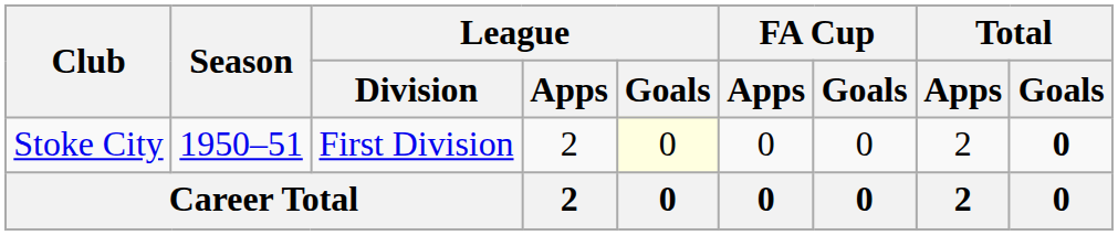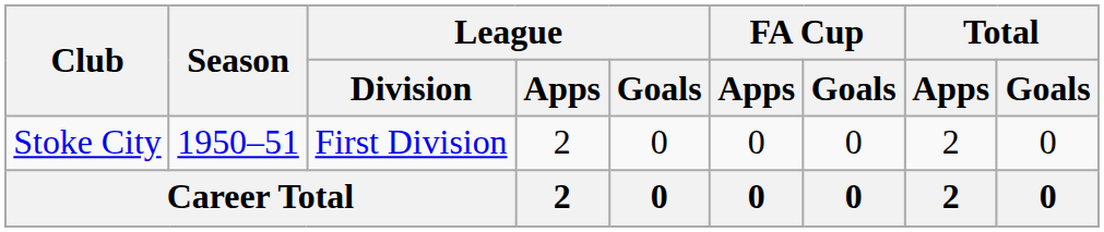 <table class="wikitable" style="text-align: center;">
 <tr>
 <th rowspan="2">Club</th>
 <th rowspan="2">Season</th>
 <th colspan="3">League</th>
 <th colspan="2">FA Cup</th>
 <th colspan="2">Total</th>
 </tr>
 <tr>
 <th>Division</th>
 <th>Apps</th>
 <th>Goals</th>
 <th>Apps</th>
 <th>Goals</th>
 <th>Apps</th>
 <th>Goals</th>
 </tr>
 <tr>
 <td><a href='#'>Stoke City</a></td>
 <td><a href='#'>1950–51</a></td>
 <td><a href='#'>First Division</a></td>
 <td>2</td>
-<td style="background: lightyellow;">0</td>
+<td>0</td>
 <td>0</td>
 <td>0</td>
 <td>2</td>
-<td><strong>0</strong></td>
+<td>0</td>
 </tr>
 <tr>
 <th colspan="3">Career Total</th>
 <th>2</th>
 <th>0</th>
 <th>0</th>
 <th>0</th>
 <th>2</th>
 <th>0</th>
 </tr>
 </table>
